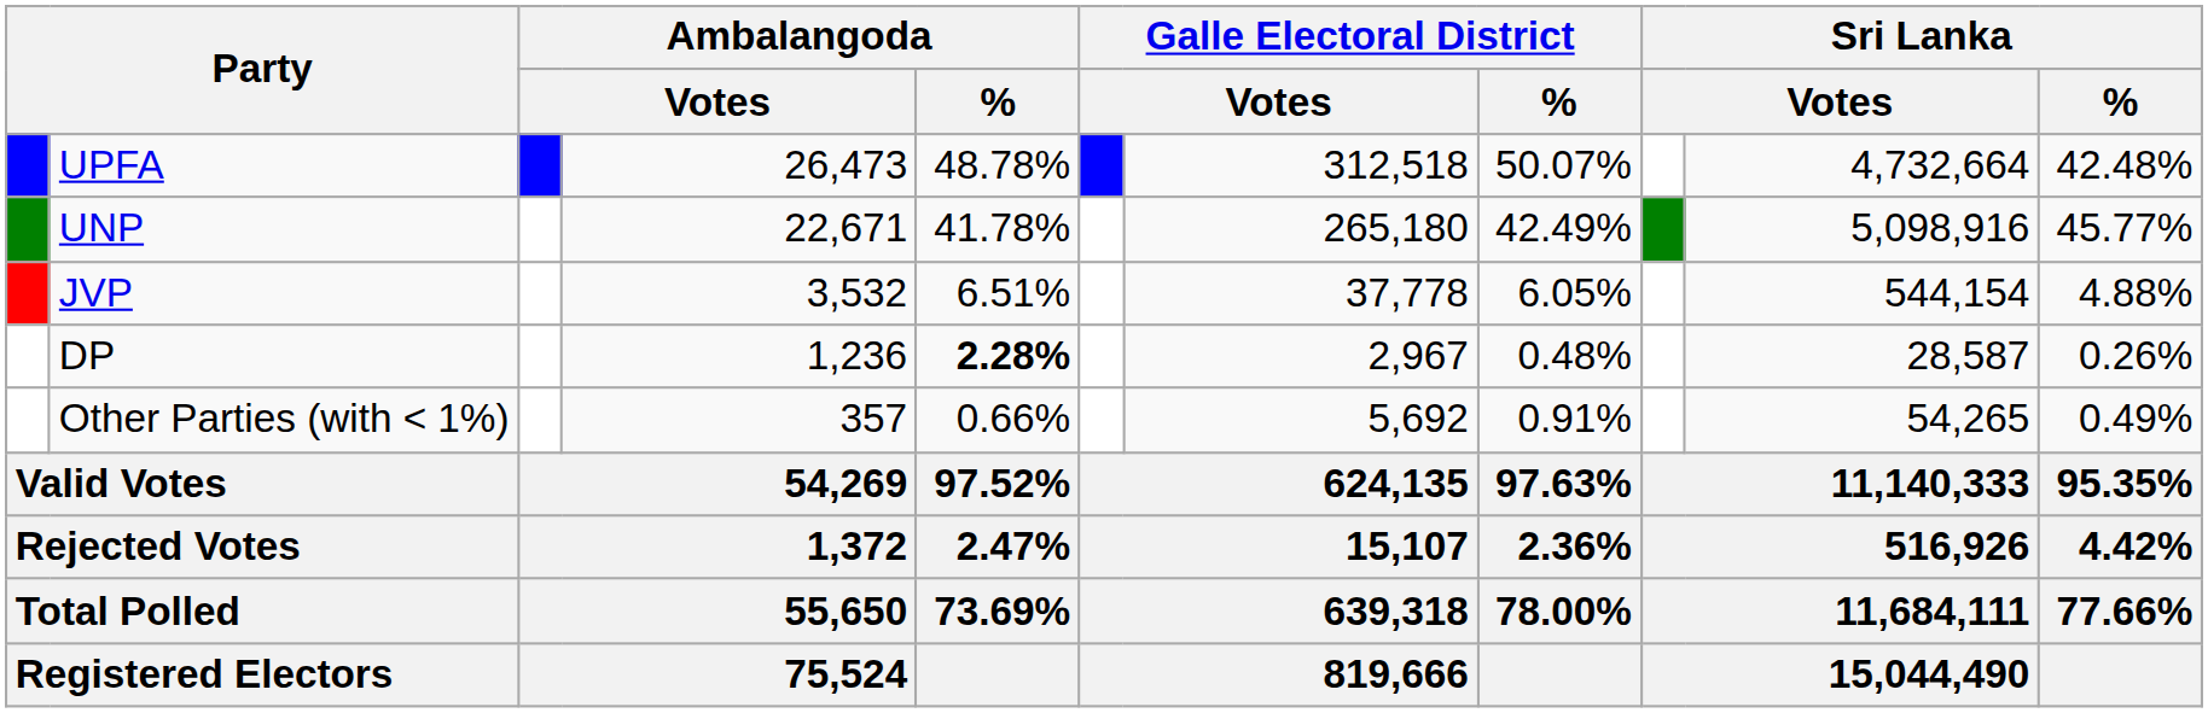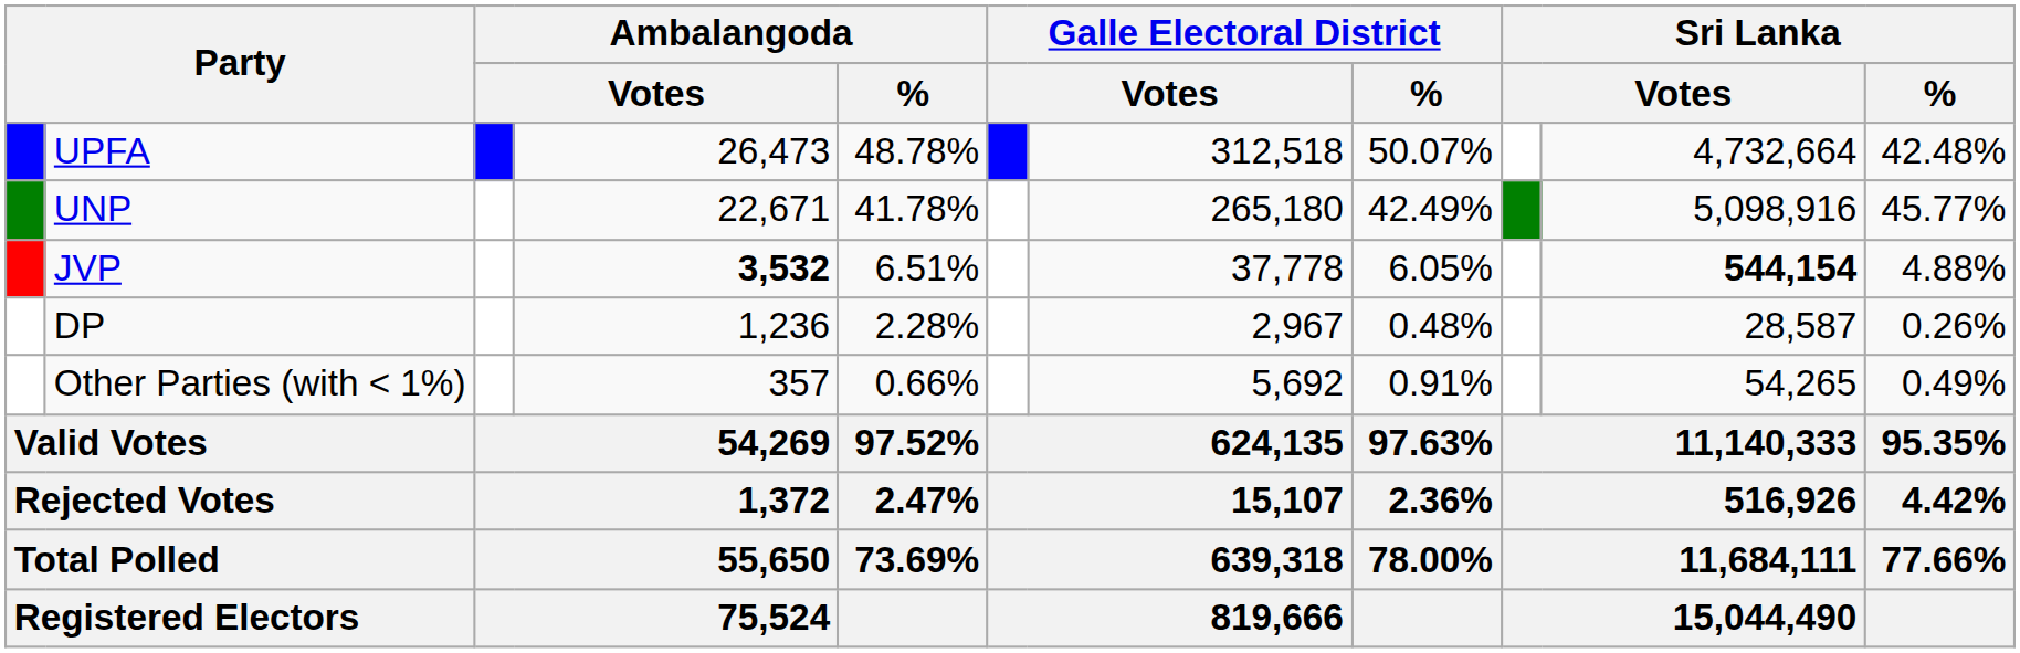 <table class="wikitable">
 <tr>
 <th colspan="2" width="144px"rowspan="2">Party</th>
 <th colspan="3" width="216px">Ambalangoda</th>
 <th colspan="3" width="216px"><a href='#'>Galle Electoral District</a></th>
 <th colspan="3" width="216px">Sri Lanka</th>
 </tr>
 <tr>
 <th colspan="2" width="144px">Votes</th>
 <th>%</th>
 <th colspan="2" width="144px">Votes</th>
 <th>%</th>
 <th colspan="2" width="144px">Votes</th>
 <th>%</th>
 </tr>
 <tr>
 <td style="background-color:blue;" width="10px"></td>
 <td style="text-align:left;"><a href='#'>UPFA</a></td>
 <td style="background-color:blue;" width="10px"></td>
 <td style="text-align:right;">26,473</td>
 <td style="text-align:right;">48.78%</td>
 <td style="background-color:blue;" width="10px"></td>
 <td style="text-align:right;">312,518</td>
 <td style="text-align:right;">50.07%</td>
 <td style="background-color:white;" width="10px"></td>
 <td style="text-align:right;">4,732,664</td>
 <td style="text-align:right;">42.48%</td>
 </tr>
 <tr>
 <td style="background-color:green;" width="10px"></td>
 <td style="text-align:left;"><a href='#'>UNP</a></td>
 <td style="background-color:white;" width="10px"></td>
 <td style="text-align:right;">22,671</td>
 <td style="text-align:right;">41.78%</td>
 <td style="background-color:white;" width="10px"></td>
 <td style="text-align:right;">265,180</td>
 <td style="text-align:right;">42.49%</td>
 <td style="background-color:green;" width="10px"></td>
 <td style="text-align:right;">5,098,916</td>
 <td style="text-align:right;">45.77%</td>
 </tr>
 <tr>
 <td style="background-color:red;" width="10px"></td>
 <td style="text-align:left;"><a href='#'>JVP</a></td>
 <td style="background-color:white;" width="10px"></td>
-<td style="text-align:right;">3,532</td>
+<td style="text-align:right;"><strong>3,532</strong></td>
 <td style="text-align:right;">6.51%</td>
 <td style="background-color:white;" width="10px"></td>
 <td style="text-align:right;">37,778</td>
 <td style="text-align:right;">6.05%</td>
 <td style="background-color:white;" width="10px"></td>
-<td style="text-align:right;">544,154</td>
+<td style="text-align:right;"><strong>544,154</strong></td>
 <td style="text-align:right;">4.88%</td>
 </tr>
 <tr>
 <td style="background-color:white;" width="10px"></td>
 <td style="text-align:left;">DP</td>
 <td style="background-color:white;" width="10px"></td>
 <td style="text-align:right;">1,236</td>
-<td style="text-align:right;"><strong>2.28%</strong></td>
+<td style="text-align:right;">2.28%</td>
 <td style="background-color:white;" width="10px"></td>
 <td style="text-align:right;">2,967</td>
 <td style="text-align:right;">0.48%</td>
 <td style="background-color:white;" width="10px"></td>
 <td style="text-align:right;">28,587</td>
 <td style="text-align:right;">0.26%</td>
 </tr>
 <tr>
 <td style="background-color:white;" width="10px"></td>
 <td style="text-align:left;">Other Parties (with < 1%)</td>
 <td style="background-color:white;" width="10px"></td>
 <td style="text-align:right;">357</td>
 <td style="text-align:right;">0.66%</td>
 <td style="background-color:white;" width="10px"></td>
 <td style="text-align:right;">5,692</td>
 <td style="text-align:right;">0.91%</td>
 <td style="background-color:white;" width="10px"></td>
 <td style="text-align:right;">54,265</td>
 <td style="text-align:right;">0.49%</td>
 </tr>
 <tr>
 <th colspan="2" width="144px"style="text-align:left;">Valid Votes</th>
 <th style="text-align:right;"colspan="2" width="144px">54,269</th>
 <th style="text-align:right;">97.52%</th>
 <th style="text-align:right;"colspan="2" width="144px">624,135</th>
 <th style="text-align:right;">97.63%</th>
 <th style="text-align:right;"colspan="2" width="144px">11,140,333</th>
 <th style="text-align:right;">95.35%</th>
 </tr>
 <tr>
 <th colspan="2" width="144px"style="text-align:left;">Rejected Votes</th>
 <th style="text-align:right;"colspan="2" width="144px">1,372</th>
 <th style="text-align:right;">2.47%</th>
 <th style="text-align:right;"colspan="2" width="144px">15,107</th>
 <th style="text-align:right;">2.36%</th>
 <th style="text-align:right;"colspan="2" width="144px">516,926</th>
 <th style="text-align:right;">4.42%</th>
 </tr>
 <tr>
 <th colspan="2" width="144px"style="text-align:left;">Total Polled</th>
 <th style="text-align:right;"colspan="2" width="144px">55,650</th>
 <th style="text-align:right;">73.69%</th>
 <th style="text-align:right;"colspan="2" width="144px">639,318</th>
 <th style="text-align:right;">78.00%</th>
 <th style="text-align:right;"colspan="2" width="144px">11,684,111</th>
 <th style="text-align:right;">77.66%</th>
 </tr>
 <tr>
 <th colspan="2" width="144px"style="text-align:left;">Registered Electors</th>
 <th style="text-align:right;"colspan="2" width="144px">75,524</th>
 <th></th>
 <th style="text-align:right;"colspan="2" width="144px">819,666</th>
 <th></th>
 <th style="text-align:right;"colspan="2" width="144px">15,044,490</th>
 <th></th>
 </tr>
 </table>
